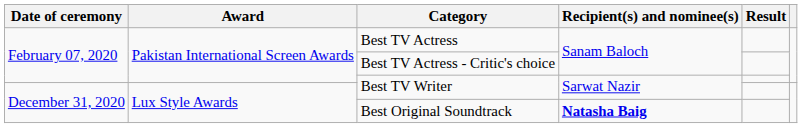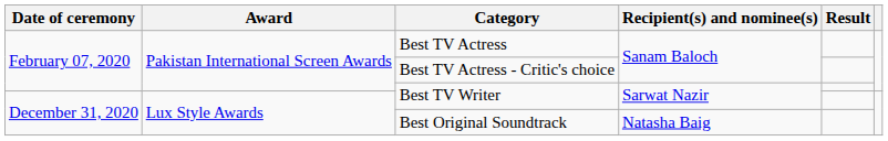 <table class="wikitable sortable">
 <tr>
 <th>Date of ceremony</th>
 <th>Award</th>
 <th>Category</th>
 <th>Recipient(s) and nominee(s)</th>
 <th scope="col" class="unsortable">Result</th>
 <th scope="col" class="unsortable"></th>
 </tr>
 <tr>
 <td rowspan="3"><a href='#'>February 07, 2020</a></td>
 <td rowspan="3"><a href='#'>Pakistan International Screen Awards</a></td>
 <td>Best TV Actress</td>
 <td Rowspan="2"><a href='#'>Sanam Baloch</a></td>
 <td></td>
 <td Rowspan="3"></td>
 </tr>
 <tr>
 <td>Best TV Actress - Critic's choice</td>
 <td></td>
 </tr>
 <tr>
 <td Rowspan="2">Best TV Writer</td>
 <td Rowspan="2"><a href='#'>Sarwat Nazir</a></td>
 <td></td>
 </tr>
 <tr>
 <td rowspan=2><a href='#'>December 31, 2020</a></td>
 <td Rowspan="2"><a href='#'>Lux Style Awards</a></td>
 <td></td>
 <td Rowspan="2"></td>
 </tr>
 <tr>
 <td>Best Original Soundtrack</td>
-<td><strong><a href='#'>Natasha Baig</a></strong></td>
+<td><a href='#'>Natasha Baig</a></td>
 <td></td>
 </tr>
 </table>
